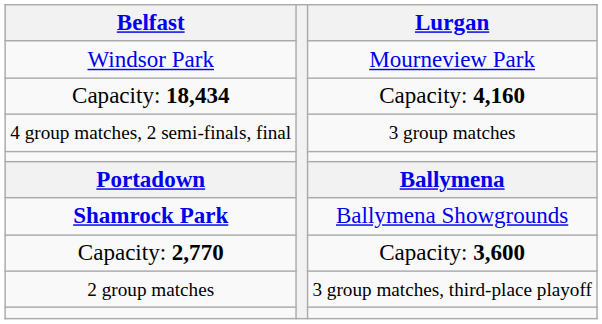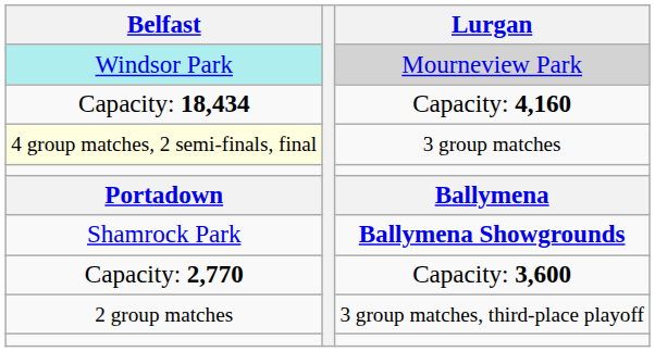 <table class="wikitable" style="text-align:center;margin:1em auto;">
 <tr>
 <th><a href='#'>Belfast</a></th>
 <th rowspan=10 text-align="center"></th>
 <th><a href='#'>Lurgan</a></th>
 </tr>
 <tr>
-<td><a href='#'>Windsor Park</a></td>
-<td><a href='#'>Mourneview Park</a></td>
+<td style="background: paleturquoise;"><a href='#'>Windsor Park</a></td>
+<td style="background: lightgrey;"><a href='#'>Mourneview Park</a></td>
 </tr>
 <tr>
 <td>Capacity: <strong>18,434</strong></td>
 <td>Capacity: <strong>4,160</strong></td>
 </tr>
 <tr>
-<td><small>4 group matches, 2 semi-finals, final</small></td>
+<td style="background: lightyellow;"><small>4 group matches, 2 semi-finals, final</small></td>
 <td><small>3 group matches</small></td>
 </tr>
 <tr>
 <td></td>
 <td></td>
 </tr>
 <tr>
 <th><a href='#'>Portadown</a></th>
 <th><a href='#'>Ballymena</a></th>
 </tr>
 <tr>
-<td><strong><a href='#'>Shamrock Park</a></strong></td>
-<td><a href='#'>Ballymena Showgrounds</a></td>
+<td><a href='#'>Shamrock Park</a></td>
+<td><strong><a href='#'>Ballymena Showgrounds</a></strong></td>
 </tr>
 <tr>
 <td>Capacity: <strong>2,770</strong></td>
 <td>Capacity: <strong>3,600</strong></td>
 </tr>
 <tr>
 <td><small>2 group matches</small></td>
 <td><small>3 group matches, third-place playoff</small></td>
 </tr>
 <tr>
 <td></td>
 <td></td>
 </tr>
 </table>
